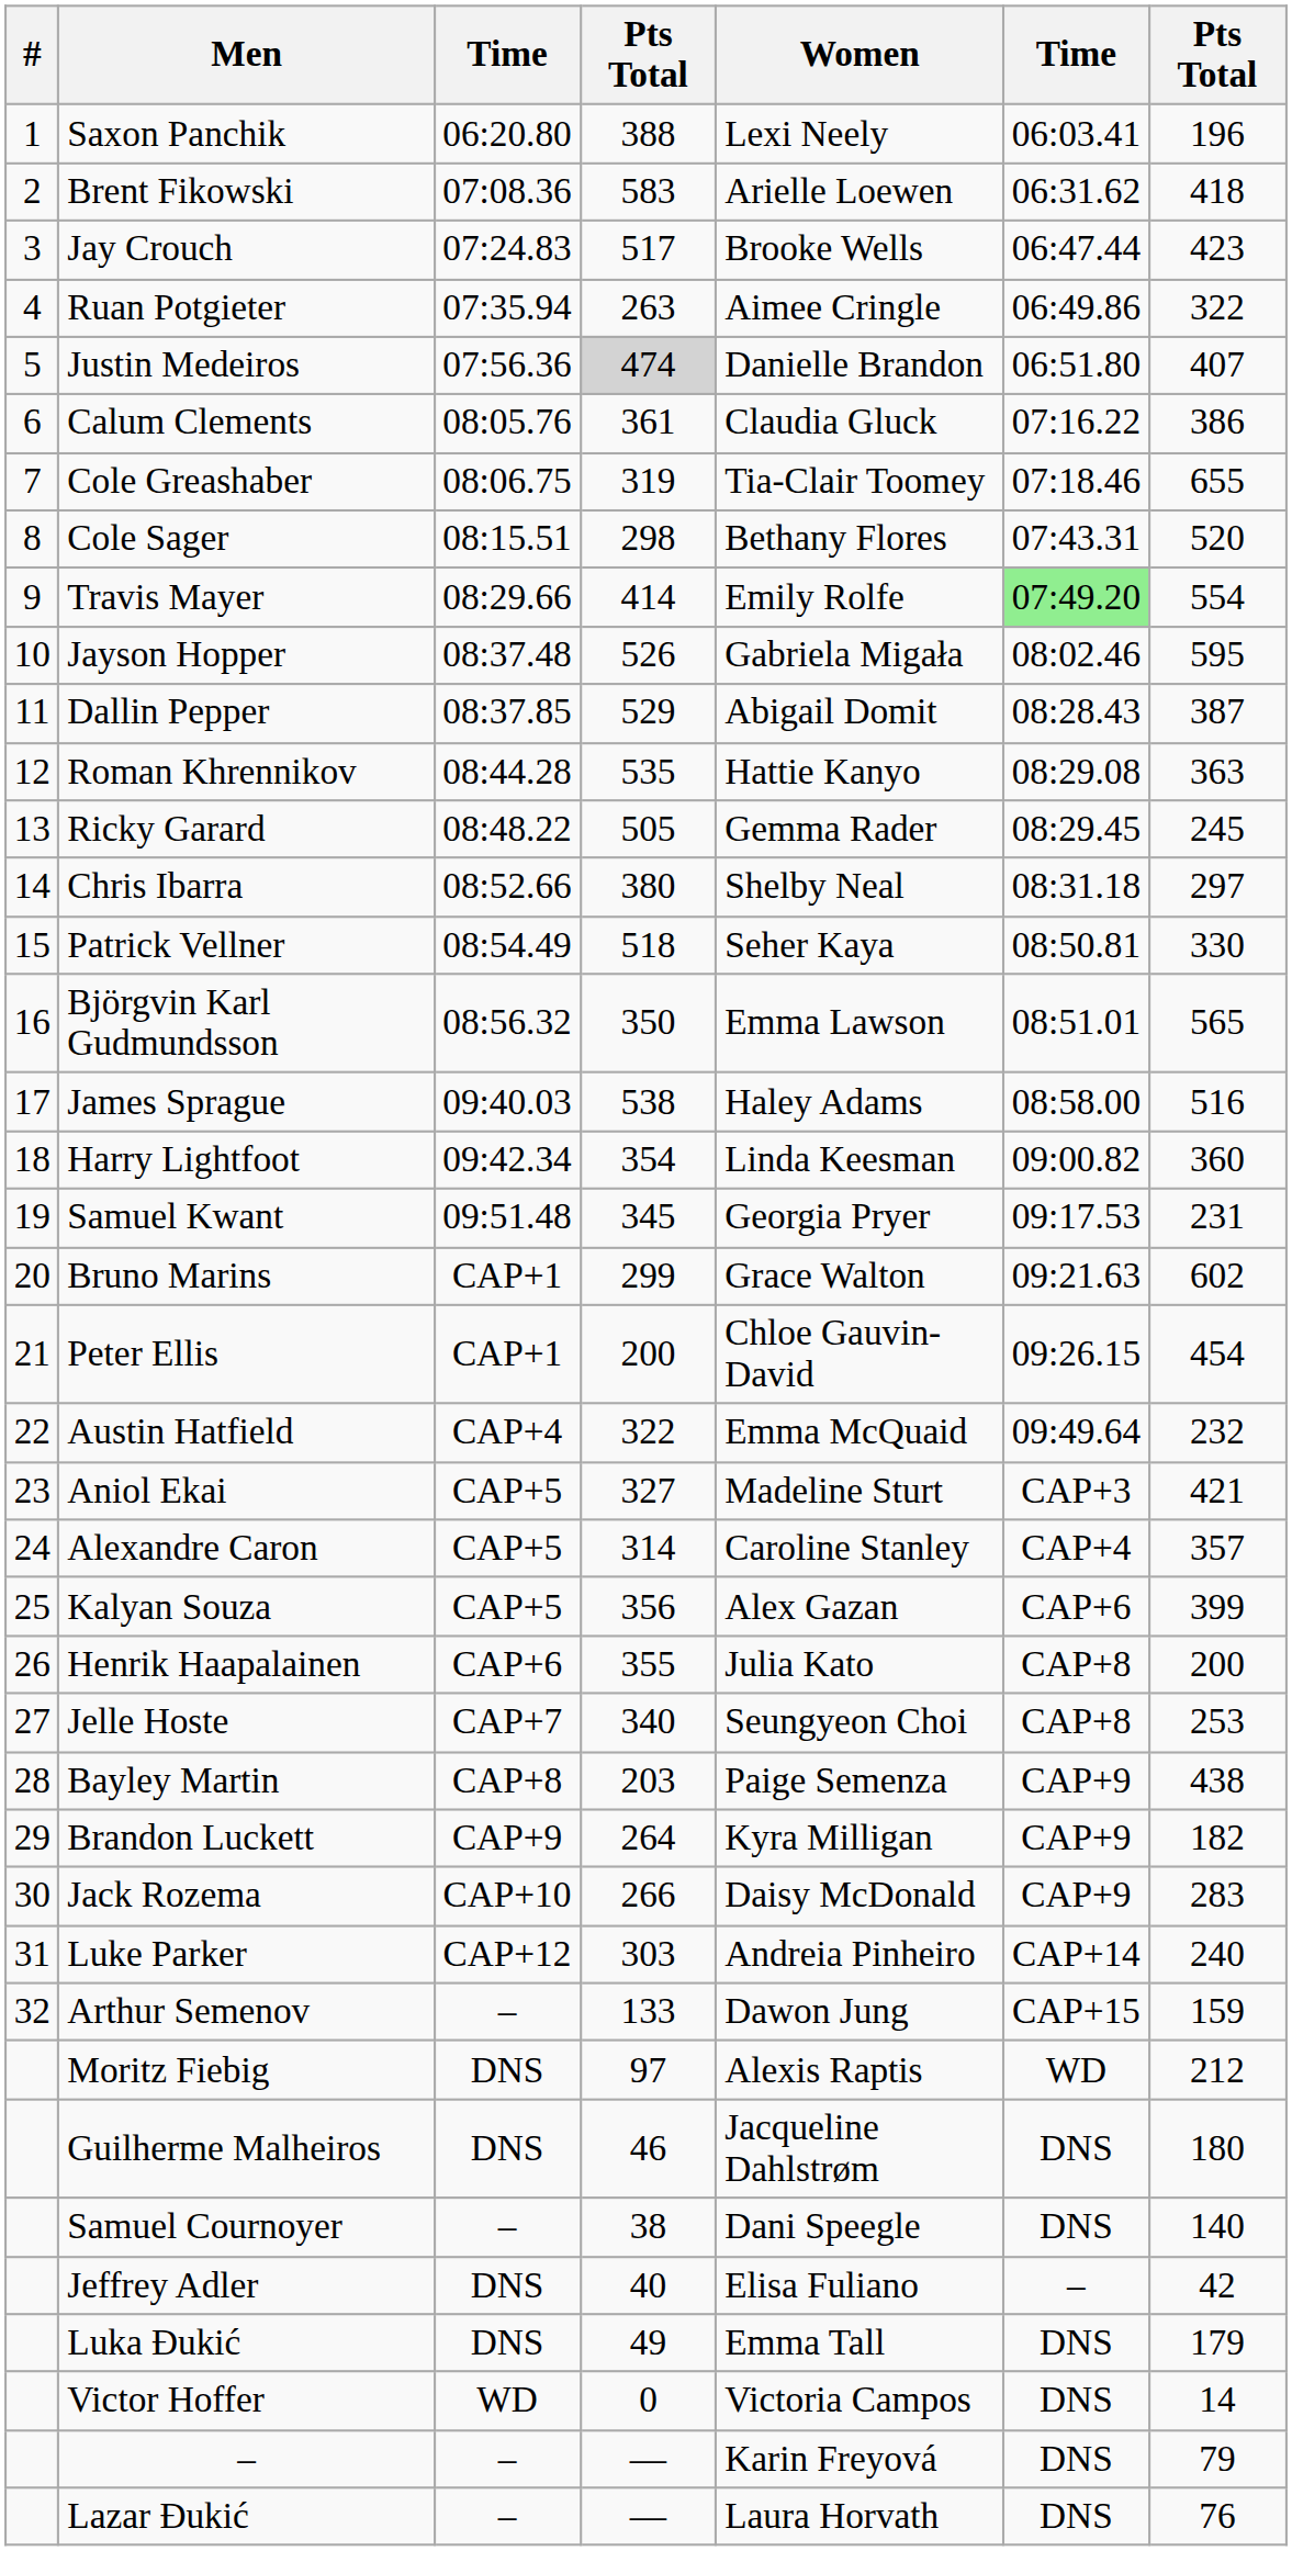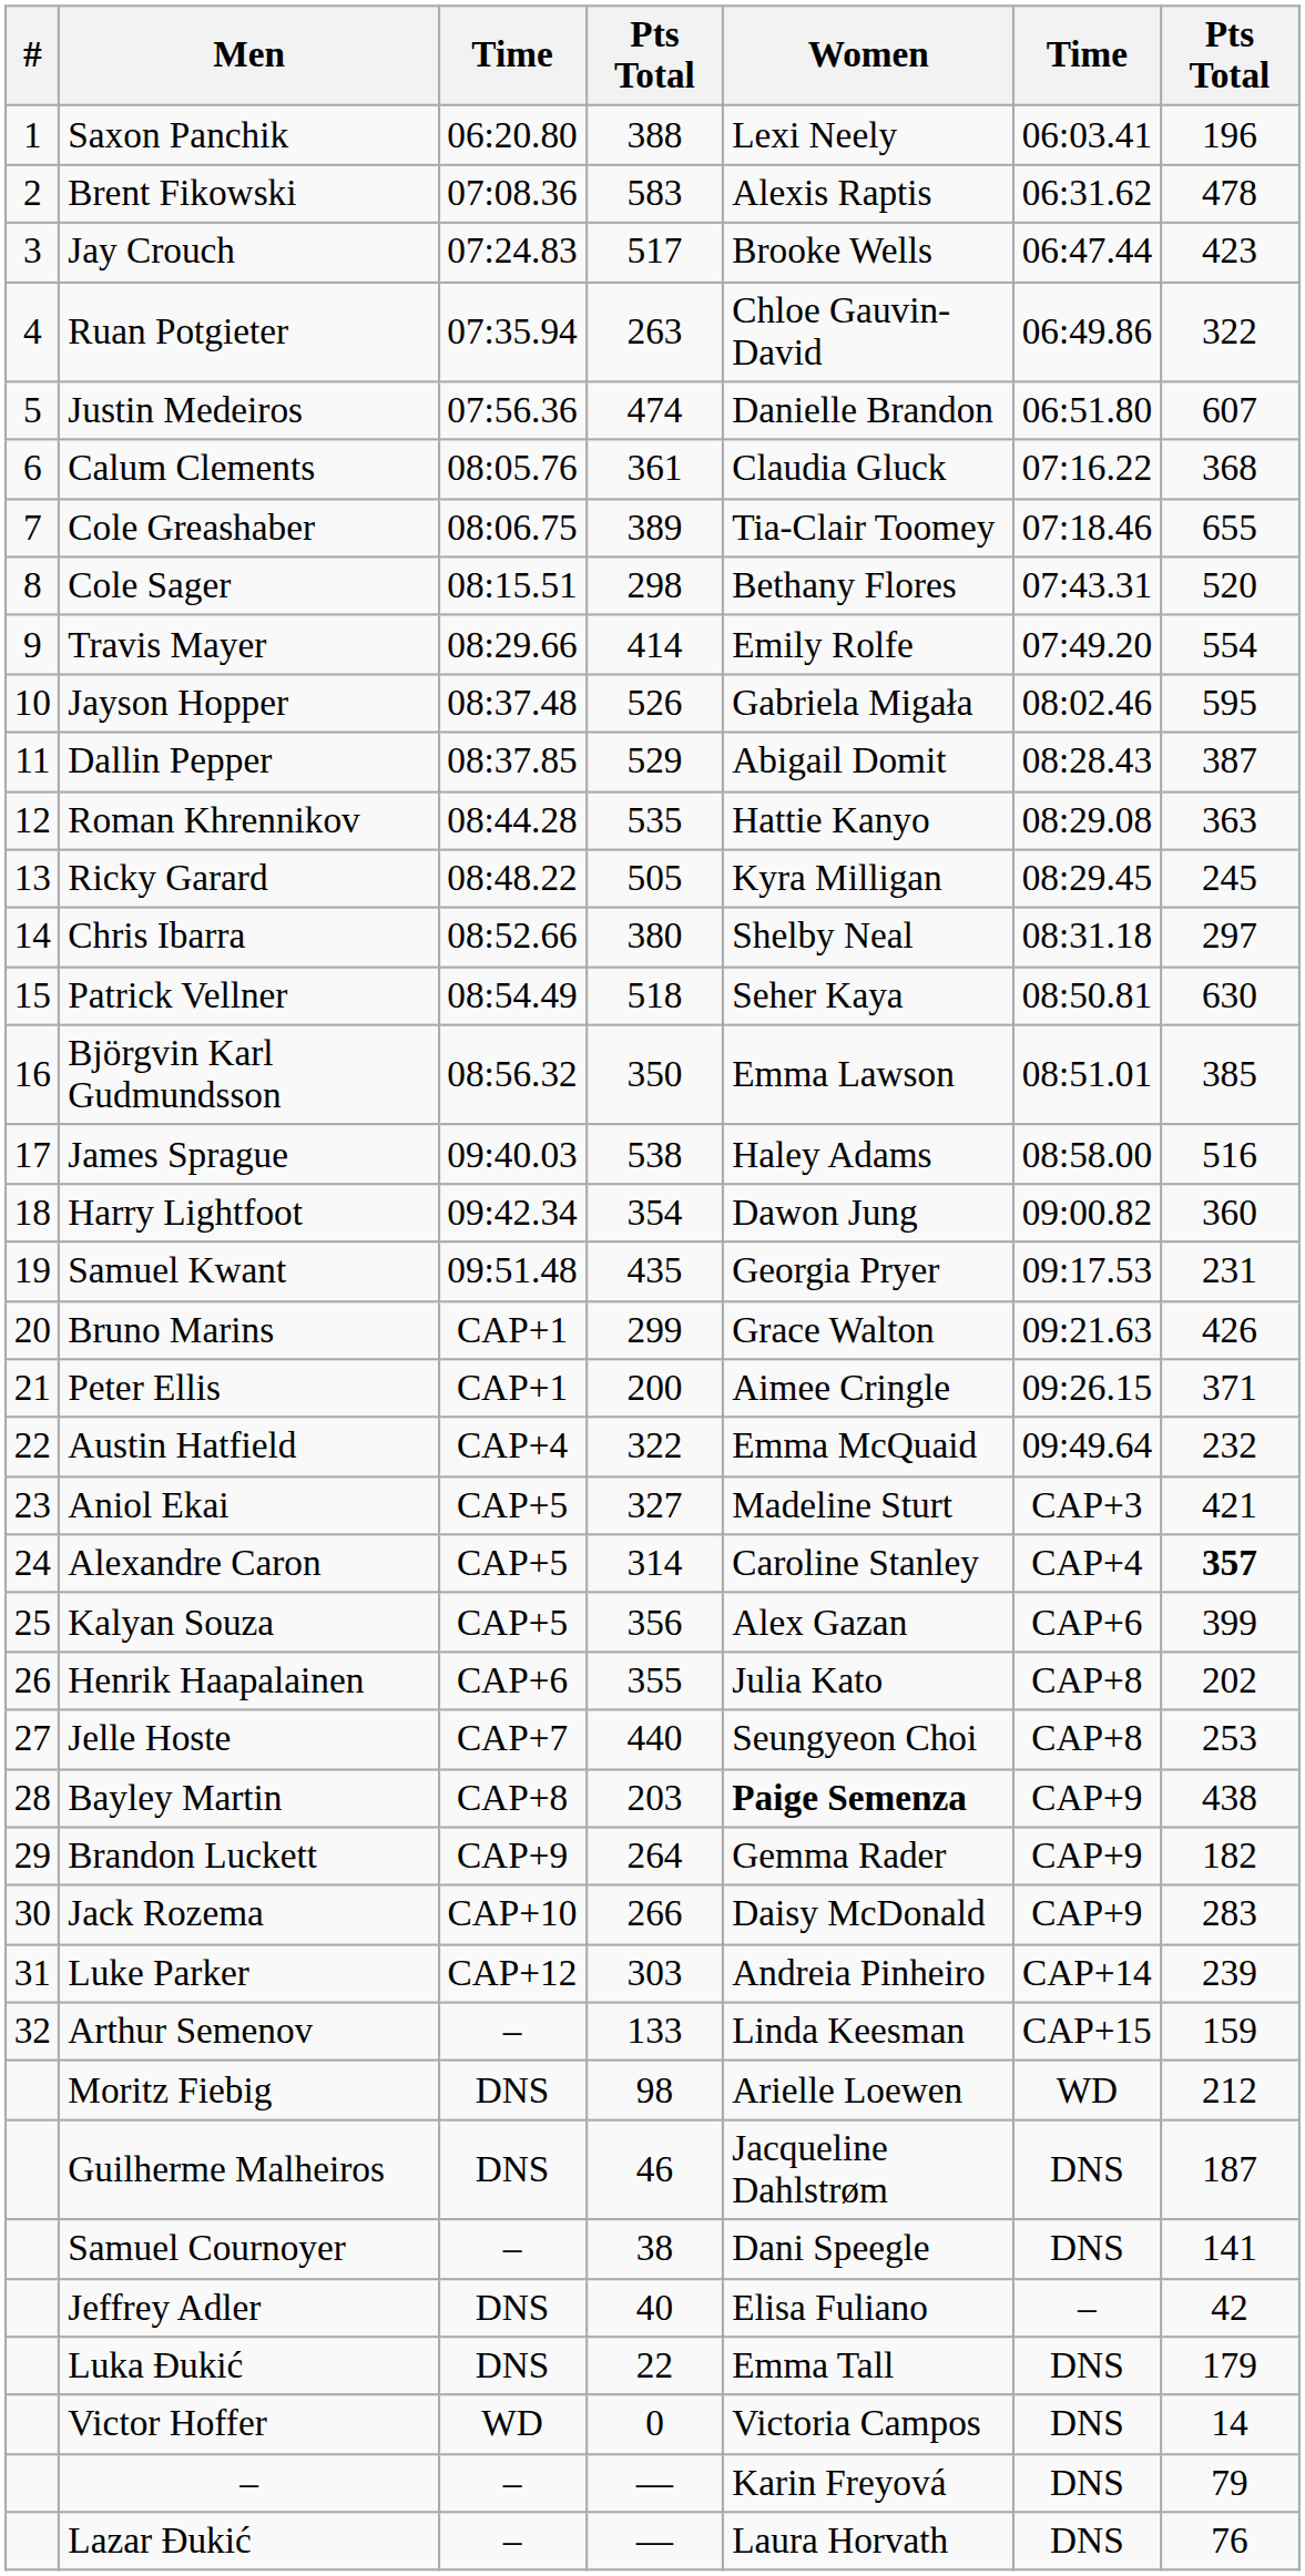 <table class="wikitable sortable" style="display: inline-table;width: 90%; text-align:center">
 <tr>
 <th>#</th>
 <th>Men</th>
 <th>Time</th>
 <th>Pts Total</th>
 <th>Women</th>
 <th>Time</th>
 <th>Pts Total</th>
 </tr>
 <tr>
 <td>1</td>
 <td align=left> Saxon Panchik</td>
 <td>06:20.80</td>
 <td>388</td>
 <td align=left> Lexi Neely</td>
 <td>06:03.41</td>
 <td>196</td>
 </tr>
 <tr>
 <td>2</td>
 <td align=left> Brent Fikowski</td>
 <td>07:08.36</td>
 <td>583</td>
-<td align=left> Arielle Loewen</td>
+<td align=left> Alexis Raptis</td>
 <td>06:31.62</td>
-<td>418</td>
+<td>478</td>
 </tr>
 <tr>
 <td>3</td>
 <td align=left> Jay Crouch</td>
 <td>07:24.83</td>
 <td>517</td>
 <td align=left> Brooke Wells</td>
 <td>06:47.44</td>
 <td>423</td>
 </tr>
 <tr>
 <td>4</td>
 <td align=left> Ruan Potgieter</td>
 <td>07:35.94</td>
 <td>263</td>
-<td align=left> Aimee Cringle</td>
+<td align=left> Chloe Gauvin-David</td>
 <td>06:49.86</td>
 <td>322</td>
 </tr>
 <tr>
 <td>5</td>
 <td align=left> Justin Medeiros</td>
 <td>07:56.36</td>
-<td style="background: lightgrey;">474</td>
+<td>474</td>
 <td align=left> Danielle Brandon</td>
 <td>06:51.80</td>
-<td>407</td>
+<td>607</td>
 </tr>
 <tr>
 <td>6</td>
 <td align=left> Calum Clements</td>
 <td>08:05.76</td>
 <td>361</td>
 <td align=left> Claudia Gluck</td>
 <td>07:16.22</td>
-<td>386</td>
+<td>368</td>
 </tr>
 <tr>
 <td>7</td>
 <td align=left> Cole Greashaber</td>
 <td>08:06.75</td>
-<td>319</td>
+<td>389</td>
 <td align=left> Tia-Clair Toomey</td>
 <td>07:18.46</td>
 <td>655</td>
 </tr>
 <tr>
 <td>8</td>
 <td align=left> Cole Sager</td>
 <td>08:15.51</td>
 <td>298</td>
 <td align=left> Bethany Flores</td>
 <td>07:43.31</td>
 <td>520</td>
 </tr>
 <tr>
 <td>9</td>
 <td align=left> Travis Mayer</td>
 <td>08:29.66</td>
 <td>414</td>
 <td align=left> Emily Rolfe</td>
-<td style="background: lightgreen;">07:49.20</td>
+<td>07:49.20</td>
 <td>554</td>
 </tr>
 <tr>
 <td>10</td>
 <td align=left> Jayson Hopper</td>
 <td>08:37.48</td>
 <td>526</td>
 <td align=left> Gabriela Migała</td>
 <td>08:02.46</td>
 <td>595</td>
 </tr>
 <tr>
 <td>11</td>
 <td align=left> Dallin Pepper</td>
 <td>08:37.85</td>
 <td>529</td>
 <td align=left> Abigail Domit</td>
 <td>08:28.43</td>
 <td>387</td>
 </tr>
 <tr>
 <td>12</td>
 <td align=left> Roman Khrennikov</td>
 <td>08:44.28</td>
 <td>535</td>
 <td align=left> Hattie Kanyo</td>
 <td>08:29.08</td>
 <td>363</td>
 </tr>
 <tr>
 <td>13</td>
 <td align=left> Ricky Garard</td>
 <td>08:48.22</td>
 <td>505</td>
-<td align=left> Gemma Rader</td>
+<td align=left> Kyra Milligan</td>
 <td>08:29.45</td>
 <td>245</td>
 </tr>
 <tr>
 <td>14</td>
 <td align=left> Chris Ibarra</td>
 <td>08:52.66</td>
 <td>380</td>
 <td align=left> Shelby Neal</td>
 <td>08:31.18</td>
 <td>297</td>
 </tr>
 <tr>
 <td>15</td>
 <td align=left> Patrick Vellner</td>
 <td>08:54.49</td>
 <td>518</td>
 <td align=left> Seher Kaya</td>
 <td>08:50.81</td>
-<td>330</td>
+<td>630</td>
 </tr>
 <tr>
 <td>16</td>
 <td align=left> Björgvin Karl Gudmundsson</td>
 <td>08:56.32</td>
 <td>350</td>
 <td align=left> Emma Lawson</td>
 <td>08:51.01</td>
-<td>565</td>
+<td>385</td>
 </tr>
 <tr>
 <td>17</td>
 <td align=left> James Sprague</td>
 <td>09:40.03</td>
 <td>538</td>
 <td align=left> Haley Adams</td>
 <td>08:58.00</td>
 <td>516</td>
 </tr>
 <tr>
 <td>18</td>
 <td align=left> Harry Lightfoot</td>
 <td>09:42.34</td>
 <td>354</td>
-<td align=left> Linda Keesman</td>
+<td align=left> Dawon Jung</td>
 <td>09:00.82</td>
 <td>360</td>
 </tr>
 <tr>
 <td>19</td>
 <td align=left> Samuel Kwant</td>
 <td>09:51.48</td>
-<td>345</td>
+<td>435</td>
 <td align=left> Georgia Pryer</td>
 <td>09:17.53</td>
 <td>231</td>
 </tr>
 <tr>
 <td>20</td>
 <td align=left> Bruno Marins</td>
 <td>CAP+1</td>
 <td>299</td>
 <td align=left> Grace Walton</td>
 <td>09:21.63</td>
-<td>602</td>
+<td>426</td>
 </tr>
 <tr>
 <td>21</td>
 <td align=left> Peter Ellis</td>
 <td>CAP+1</td>
 <td>200</td>
-<td align=left> Chloe Gauvin-David</td>
+<td align=left> Aimee Cringle</td>
 <td>09:26.15</td>
-<td>454</td>
+<td>371</td>
 </tr>
 <tr>
 <td>22</td>
 <td align=left> Austin Hatfield</td>
 <td>CAP+4</td>
 <td>322</td>
 <td align=left> Emma McQuaid</td>
 <td>09:49.64</td>
 <td>232</td>
 </tr>
 <tr>
 <td>23</td>
 <td align=left> Aniol Ekai</td>
 <td>CAP+5</td>
 <td>327</td>
 <td align=left> Madeline Sturt</td>
 <td>CAP+3</td>
 <td>421</td>
 </tr>
 <tr>
 <td>24</td>
 <td align=left> Alexandre Caron</td>
 <td>CAP+5</td>
 <td>314</td>
 <td align=left> Caroline Stanley</td>
 <td>CAP+4</td>
-<td>357</td>
+<td><strong>357</strong></td>
 </tr>
 <tr>
 <td>25</td>
 <td align=left> Kalyan Souza</td>
 <td>CAP+5</td>
 <td>356</td>
 <td align=left> Alex Gazan</td>
 <td>CAP+6</td>
 <td>399</td>
 </tr>
 <tr>
 <td>26</td>
 <td align=left> Henrik Haapalainen</td>
 <td>CAP+6</td>
 <td>355</td>
 <td align=left> Julia Kato</td>
 <td>CAP+8</td>
-<td>200</td>
+<td>202</td>
 </tr>
 <tr>
 <td>27</td>
 <td align=left> Jelle Hoste</td>
 <td>CAP+7</td>
-<td>340</td>
+<td>440</td>
 <td align=left> Seungyeon Choi</td>
 <td>CAP+8</td>
 <td>253</td>
 </tr>
 <tr>
 <td>28</td>
 <td align=left> Bayley Martin</td>
 <td>CAP+8</td>
 <td>203</td>
-<td align=left> Paige Semenza</td>
+<td align=left><strong> Paige Semenza</strong></td>
 <td>CAP+9</td>
 <td>438</td>
 </tr>
 <tr>
 <td>29</td>
 <td align=left> Brandon Luckett</td>
 <td>CAP+9</td>
 <td>264</td>
-<td align=left> Kyra Milligan</td>
+<td align=left> Gemma Rader</td>
 <td>CAP+9</td>
 <td>182</td>
 </tr>
 <tr>
 <td>30</td>
 <td align=left> Jack Rozema</td>
 <td>CAP+10</td>
 <td>266</td>
 <td align=left> Daisy McDonald</td>
 <td>CAP+9</td>
 <td>283</td>
 </tr>
 <tr>
 <td>31</td>
 <td align=left> Luke Parker</td>
 <td>CAP+12</td>
 <td>303</td>
 <td align=left> Andreia Pinheiro</td>
 <td>CAP+14</td>
-<td>240</td>
+<td>239</td>
 </tr>
 <tr>
 <td>32</td>
 <td align=left> Arthur Semenov</td>
 <td>–</td>
 <td>133</td>
-<td align=left> Dawon Jung</td>
+<td align=left> Linda Keesman</td>
 <td>CAP+15</td>
 <td>159</td>
 </tr>
 <tr>
 <td></td>
 <td align=left> Moritz Fiebig</td>
 <td>DNS</td>
-<td>97</td>
-<td align=left> Alexis Raptis</td>
+<td>98</td>
+<td align=left> Arielle Loewen</td>
 <td>WD</td>
 <td>212</td>
 </tr>
 <tr>
 <td></td>
 <td align=left> Guilherme Malheiros</td>
 <td>DNS</td>
 <td>46</td>
 <td align=left> Jacqueline Dahlstrøm</td>
 <td>DNS</td>
-<td>180</td>
+<td>187</td>
 </tr>
 <tr>
 <td></td>
 <td align=left> Samuel Cournoyer</td>
 <td>–</td>
 <td>38</td>
 <td align=left> Dani Speegle</td>
 <td>DNS</td>
-<td>140</td>
+<td>141</td>
 </tr>
 <tr>
 <td></td>
 <td align=left> Jeffrey Adler</td>
 <td>DNS</td>
 <td>40</td>
 <td align=left> Elisa Fuliano</td>
 <td>–</td>
 <td>42</td>
 </tr>
 <tr>
 <td></td>
 <td align=left> Luka Đukić</td>
 <td>DNS</td>
-<td>49</td>
+<td>22</td>
 <td align=left> Emma Tall</td>
 <td>DNS</td>
 <td>179</td>
 </tr>
 <tr>
 <td></td>
 <td align=left> Victor Hoffer</td>
 <td>WD</td>
 <td>0</td>
 <td align=left> Victoria Campos</td>
 <td>DNS</td>
 <td>14</td>
 </tr>
 <tr>
 <td></td>
 <td>–</td>
 <td>–</td>
 <td>—</td>
 <td align=left> Karin Freyová</td>
 <td>DNS</td>
 <td>79</td>
 </tr>
 <tr>
 <td></td>
 <td align=left> Lazar Đukić</td>
 <td>–</td>
 <td>—</td>
 <td align=left> Laura Horvath</td>
 <td>DNS</td>
 <td>76</td>
 </tr>
 </table>
